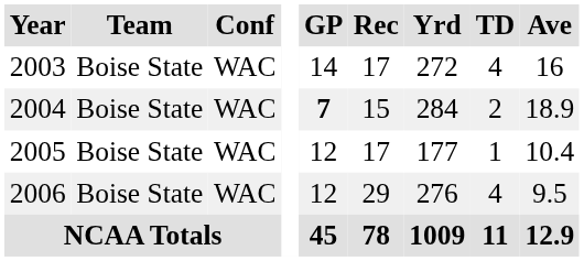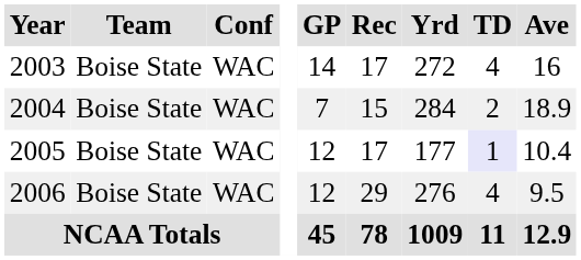 <table BORDER="0" CELLPADDING="3" CELLSPACING="0">
 <tr ALIGN="center" bgcolor="#e0e0e0">
 <th>Year</th>
 <th>Team</th>
 <th>Conf</th>
 <th ALIGN="center" rowspan="99" bgcolor="#ffffff"> </th>
 <th>GP</th>
 <th>Rec</th>
 <th>Yrd</th>
 <th>TD</th>
 <th>Ave</th>
 </tr>
 <tr ALIGN="center">
 <td>2003</td>
 <td>Boise State</td>
 <td>WAC</td>
 <td>14</td>
 <td>17</td>
 <td>272</td>
 <td>4</td>
 <td>16</td>
 </tr>
 <tr ALIGN="center" bgcolor="#f0f0f0">
 <td>2004</td>
 <td>Boise State</td>
 <td>WAC</td>
-<td><strong>7</strong></td>
+<td>7</td>
 <td>15</td>
 <td>284</td>
 <td>2</td>
 <td>18.9</td>
 </tr>
 <tr ALIGN="center">
 <td>2005</td>
 <td>Boise State</td>
 <td>WAC</td>
 <td>12</td>
 <td>17</td>
 <td>177</td>
-<td>1</td>
+<td style="background: lavender;">1</td>
 <td>10.4</td>
 </tr>
 <tr ALIGN="center" bgcolor="#f0f0f0">
 <td>2006</td>
 <td>Boise State</td>
 <td>WAC</td>
 <td>12</td>
 <td>29</td>
 <td>276</td>
 <td>4</td>
 <td>9.5</td>
 </tr>
 <tr ALIGN="center" bgcolor="#e0e0e0">
 <th colspan="3">NCAA Totals</th>
 <th>45</th>
 <th>78</th>
 <th>1009</th>
 <th>11</th>
 <th>12.9</th>
 </tr>
 </table>
